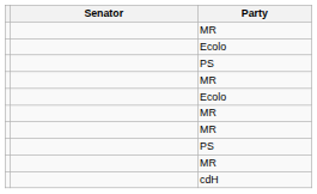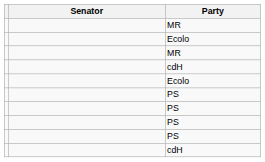 <table class="sortable wikitable" style="text-align:left; font-size:90%">
 <tr>
 <th></th>
 <th width="250">Senator</th>
 <th width="150">Party</th>
 </tr>
 <tr>
 <td></td>
 <td align=left></td>
 <td>MR</td>
 </tr>
 <tr>
 <td></td>
 <td align=left></td>
 <td>Ecolo</td>
 </tr>
 <tr>
 <td></td>
 <td align=left></td>
-<td>PS</td>
+<td>MR</td>
 </tr>
 <tr>
 <td></td>
 <td align=left></td>
-<td>MR</td>
+<td>cdH</td>
 </tr>
 <tr>
 <td></td>
 <td align=left></td>
 <td>Ecolo</td>
 </tr>
 <tr>
 <td></td>
 <td align=left></td>
-<td>MR</td>
-</tr>
-<tr>
-<td></td>
-<td align=left></td>
-<td>MR</td>
+<td>PS</td>
 </tr>
 <tr>
 <td></td>
 <td align=left></td>
 <td>PS</td>
 </tr>
 <tr>
 <td></td>
 <td align=left></td>
-<td>MR</td>
+<td>PS</td>
+</tr>
+<tr>
+<td></td>
+<td align=left></td>
+<td>PS</td>
 </tr>
 <tr>
 <td></td>
 <td align=left></td>
 <td>cdH</td>
 </tr>
 </table>
